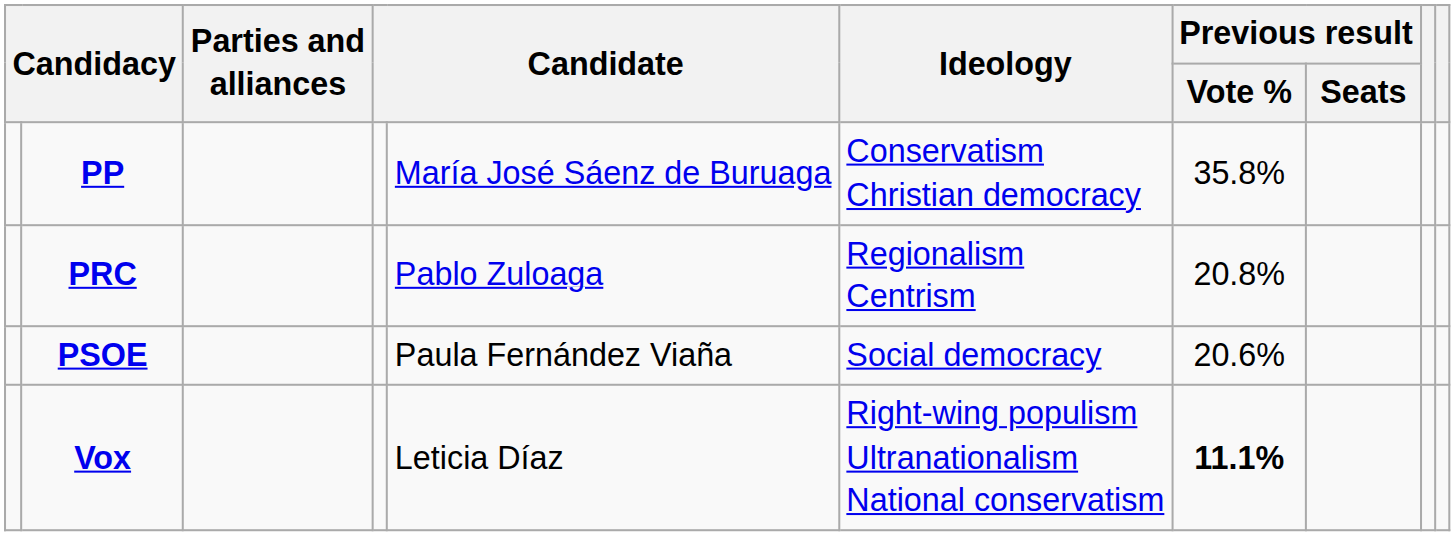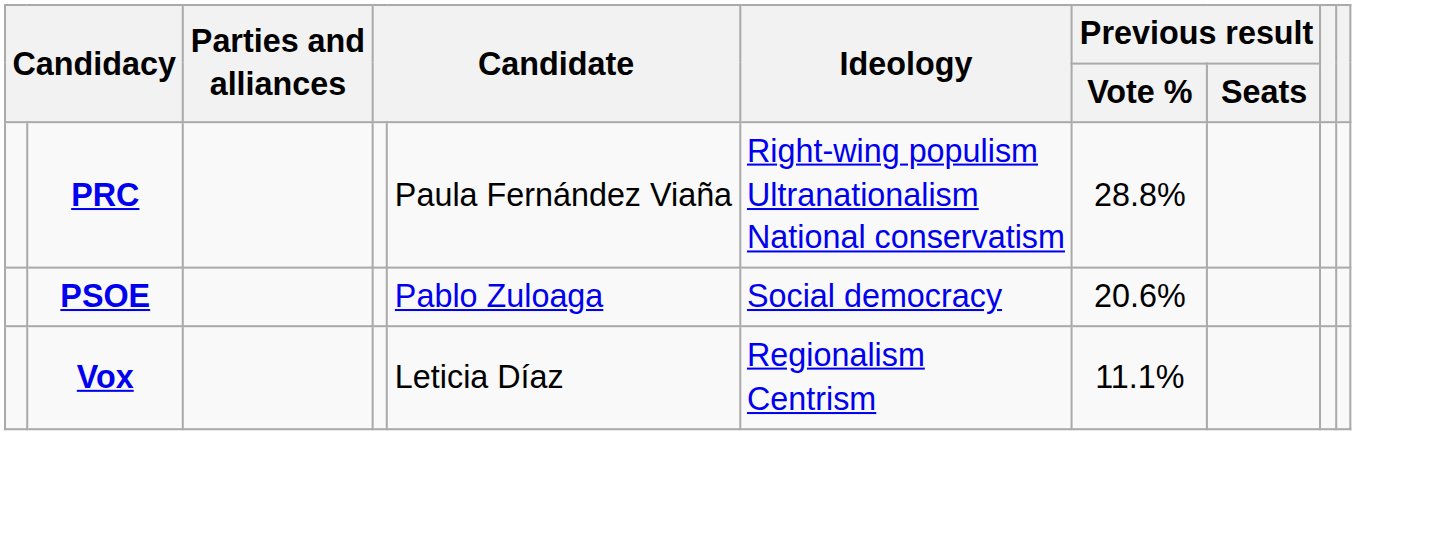 <table class="wikitable" style="line-height:1.35em; text-align:left;">
 <tr>
 <th colspan="2" rowspan="2">Candidacy</th>
 <th rowspan="2">Parties and<br>alliances</th>
 <th colspan="2" rowspan="2">Candidate</th>
 <th rowspan="2">Ideology</th>
 <th colspan="2">Previous result</th>
 <th rowspan="2"></th>
 <th rowspan="2"></th>
 </tr>
 <tr>
 <th>Vote %</th>
 <th>Seats</th>
 </tr>
 <tr>
-<td width="1" style="color:inherit;background:"></td>
-<td align="center"><strong><a href='#'>PP</a></strong></td>
-<td></td>
-<td></td>
-<td><a href='#'>María José Sáenz de Buruaga</a></td>
-<td><a href='#'>Conservatism</a><br><a href='#'>Christian democracy</a></td>
-<td align="center">35.8%</td>
-<td></td>
-<td></td>
-<td></td>
-</tr>
-<tr>
 <td style="color:inherit;background:"></td>
 <td align="center"><strong><a href='#'>PRC</a></strong></td>
 <td></td>
 <td></td>
-<td><a href='#'>Pablo Zuloaga</a></td>
-<td><a href='#'>Regionalism</a><br><a href='#'>Centrism</a></td>
-<td align="center">20.8%</td>
+<td>Paula Fernández Viaña</td>
+<td><a href='#'>Right-wing populism</a><br><a href='#'>Ultranationalism</a><br><a href='#'>National conservatism</a></td>
+<td align="center">28.8%</td>
 <td></td>
 <td></td>
 <td></td>
 </tr>
 <tr>
 <td style="color:inherit;background:"></td>
 <td align="center"><strong><a href='#'>PSOE</a></strong></td>
 <td></td>
 <td></td>
-<td>Paula Fernández Viaña</td>
+<td><a href='#'>Pablo Zuloaga</a></td>
 <td><a href='#'>Social democracy</a></td>
 <td align="center">20.6%</td>
 <td></td>
 <td></td>
 <td></td>
 </tr>
 <tr>
 <td style="color:inherit;background:"></td>
 <td align="center"><strong><a href='#'>Vox</a></strong></td>
 <td></td>
 <td></td>
 <td>Leticia Díaz</td>
-<td><a href='#'>Right-wing populism</a><br><a href='#'>Ultranationalism</a><br><a href='#'>National conservatism</a></td>
-<td align="center"><strong>11.1%</strong></td>
+<td><a href='#'>Regionalism</a><br><a href='#'>Centrism</a></td>
+<td align="center">11.1%</td>
 <td></td>
 <td></td>
 <td></td>
 </tr>
 </table>
